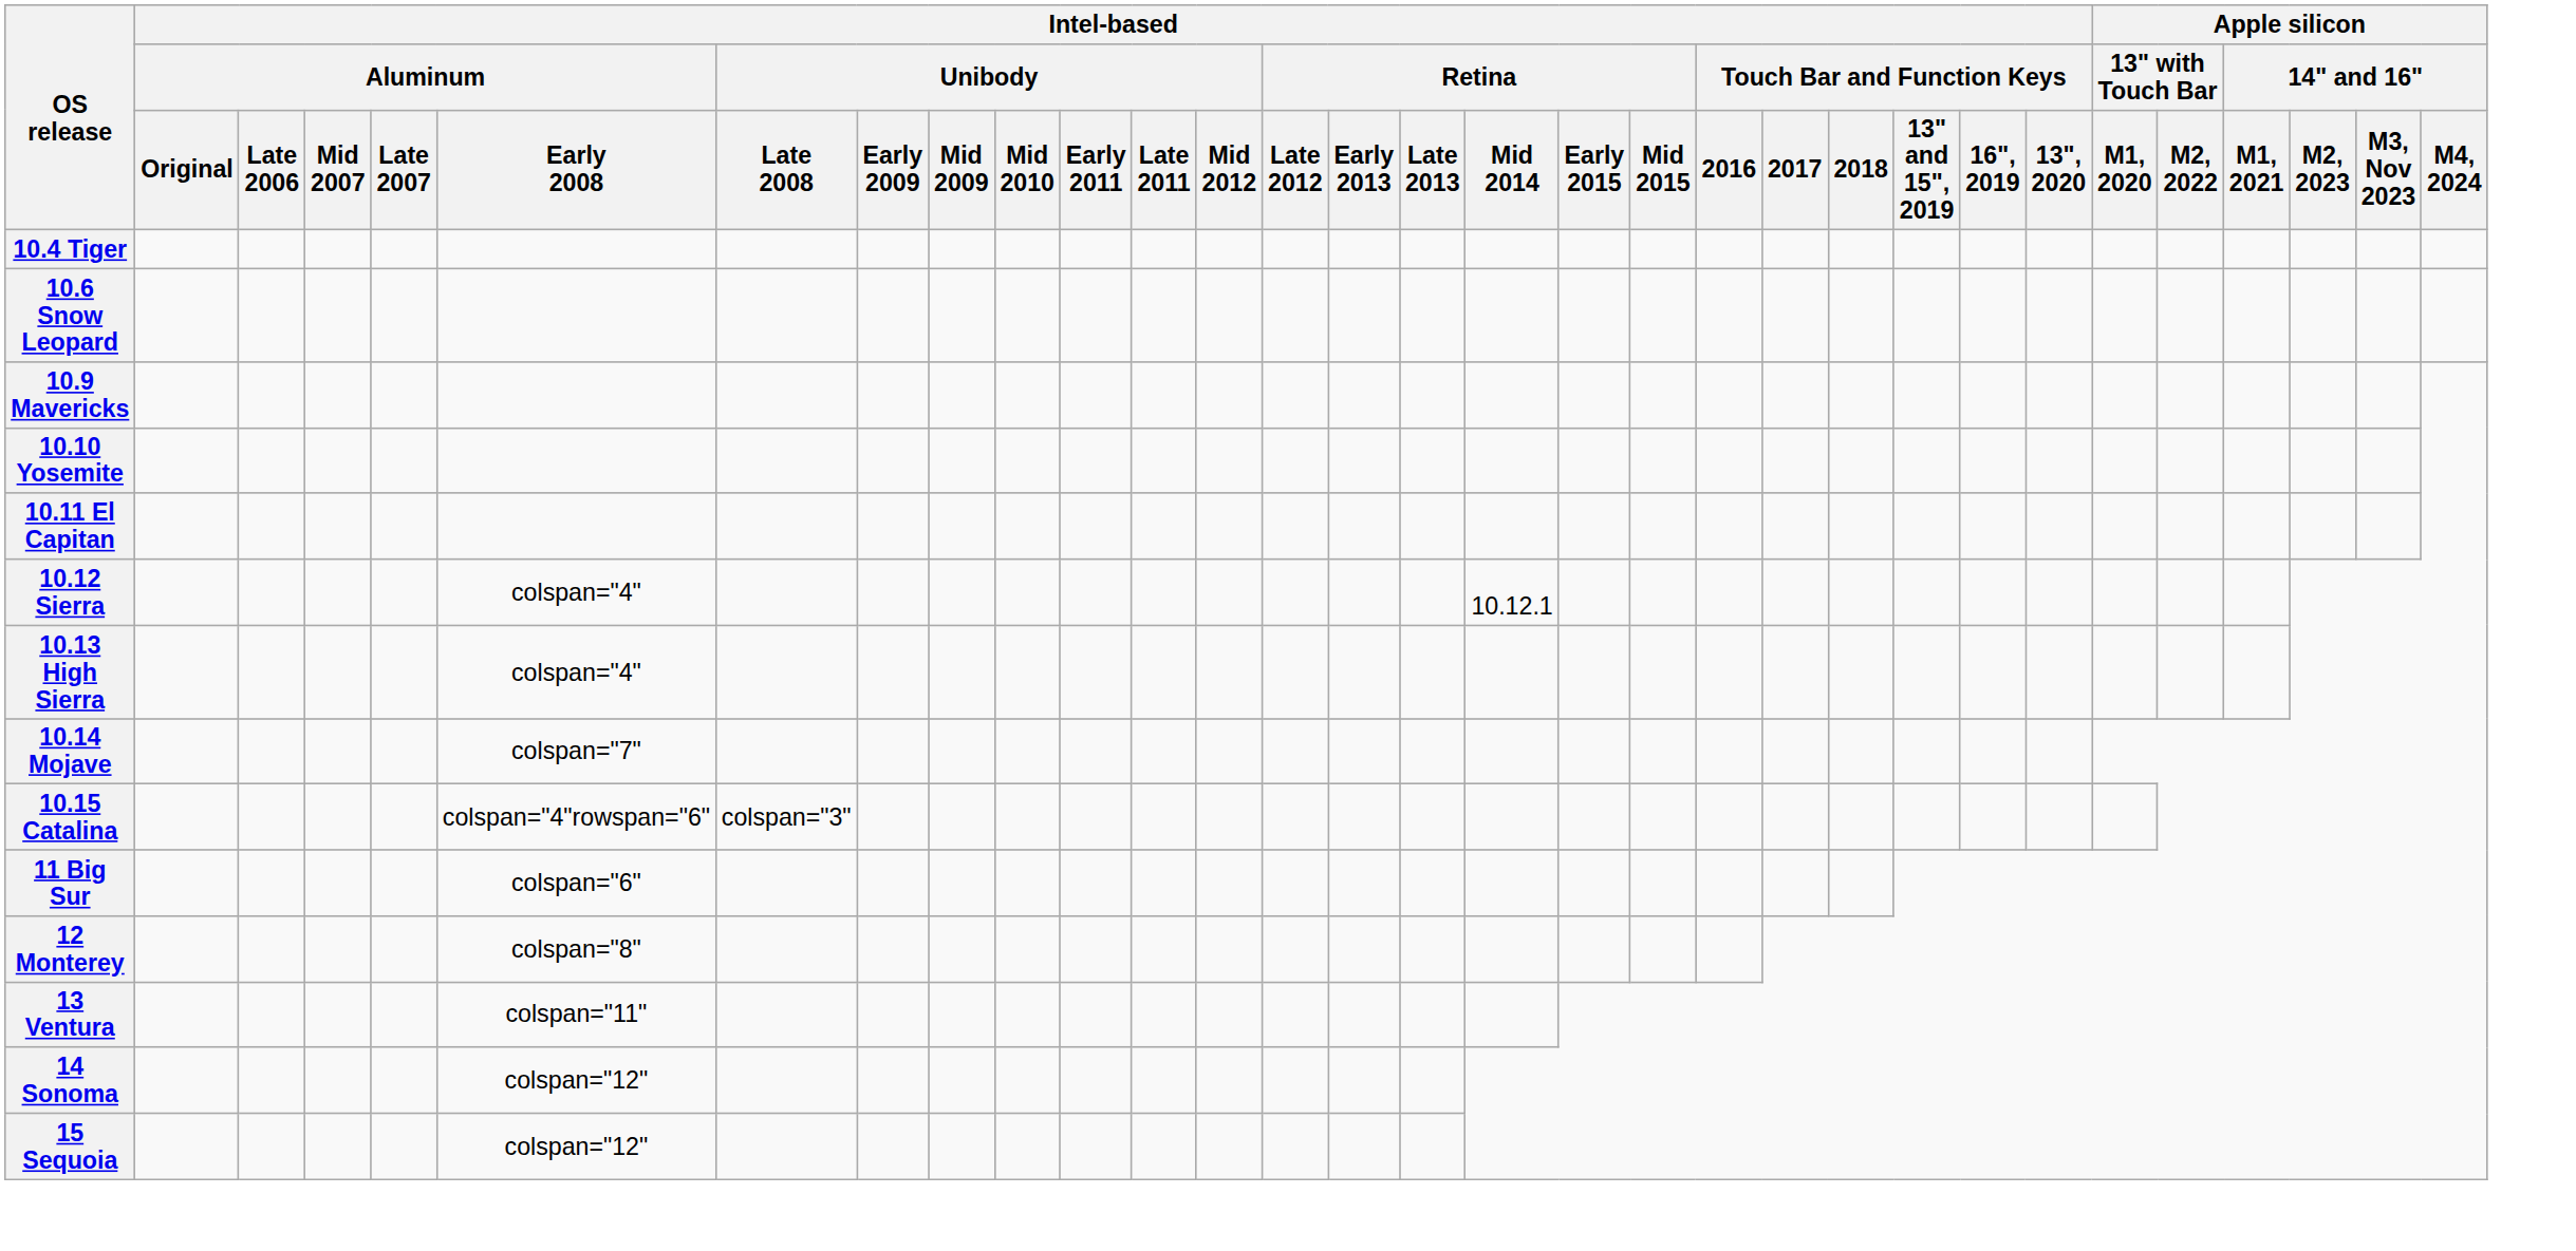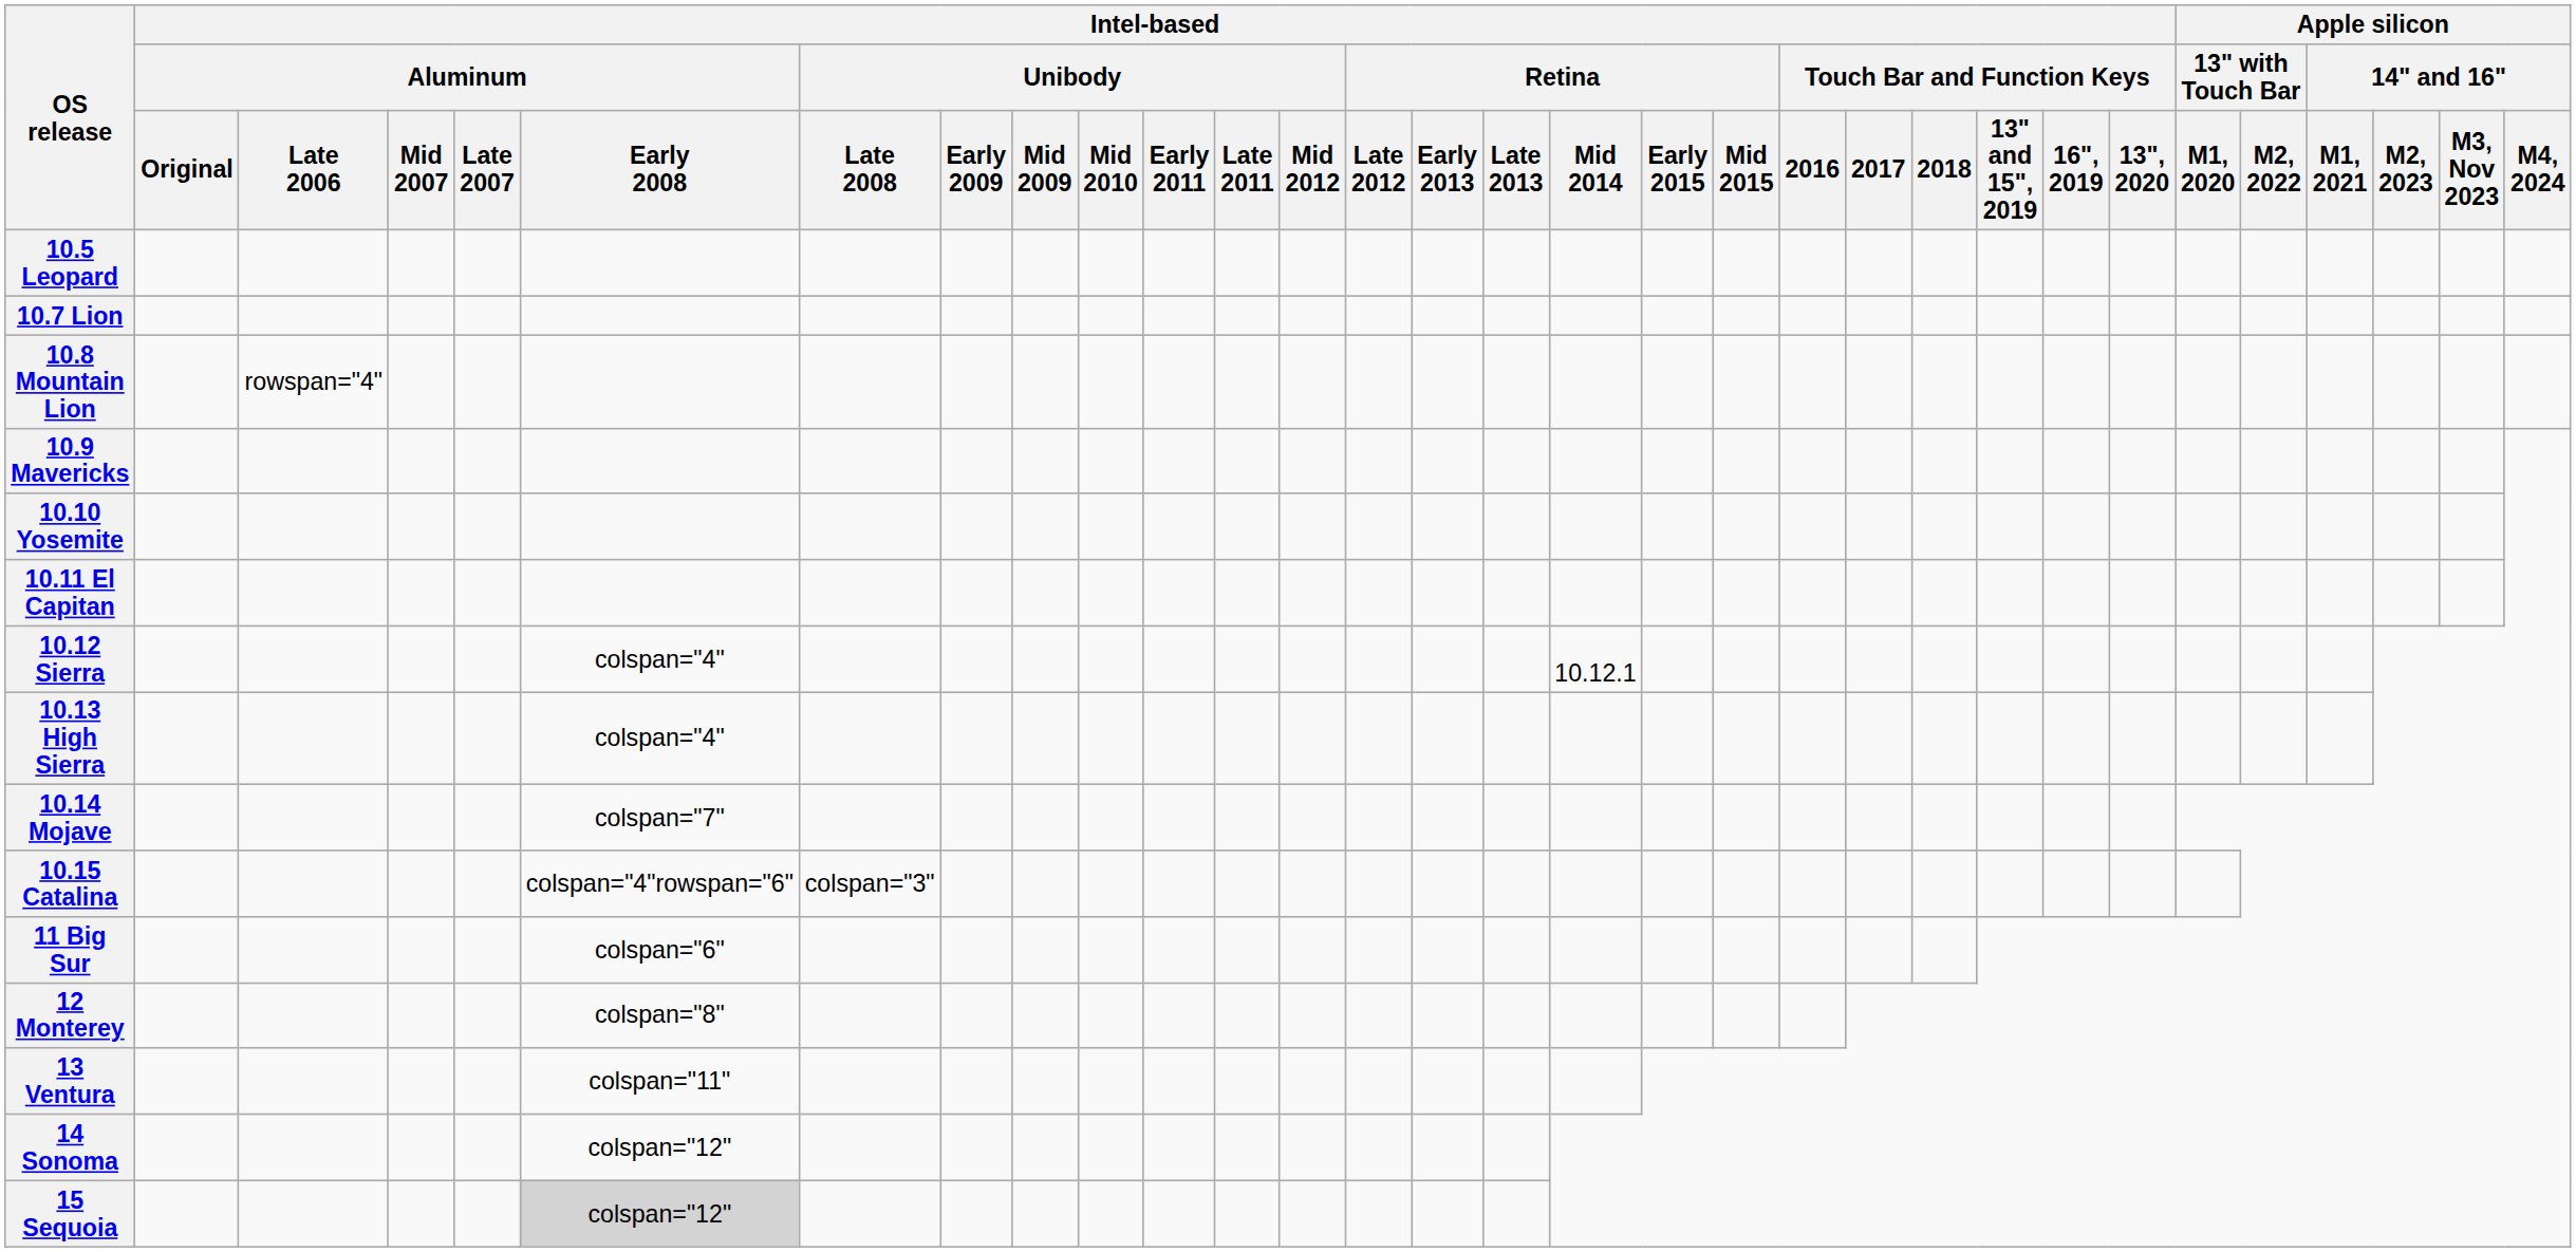 <table class="wikitable" style="font-size:90%; text-align:center">
 <tr>
 <th rowspan="3">OS release</th>
 <th colspan="24">Intel-based</th>
 <th colspan="6">Apple silicon</th>
 </tr>
 <tr>
 <th colspan="5">Aluminum</th>
 <th colspan="7">Unibody</th>
 <th colspan="6">Retina</th>
 <th colspan="6">Touch Bar and Function Keys</th>
 <th colspan="2">13" with<br>Touch Bar</th>
 <th colspan="4">14" and 16"</th>
 </tr>
 <tr>
 <th>Original</th>
 <th>Late<br>2006</th>
 <th>Mid<br>2007</th>
 <th>Late<br>2007</th>
 <th>Early<br>2008</th>
 <th>Late<br> 2008</th>
 <th>Early<br>2009</th>
 <th>Mid<br>2009</th>
 <th>Mid<br>2010</th>
 <th>Early<br>2011</th>
 <th>Late<br>2011</th>
 <th>Mid<br>2012</th>
 <th>Late<br>2012</th>
 <th>Early<br>2013</th>
 <th>Late<br>2013</th>
 <th>Mid<br>2014</th>
 <th>Early<br>2015</th>
 <th>Mid<br>2015</th>
 <th>2016</th>
 <th>2017</th>
 <th>2018</th>
 <th>13" and 15",<br>2019</th>
 <th>16",<br>2019</th>
 <th>13",<br>2020</th>
 <th>M1,<br>2020</th>
 <th>M2,<br>2022</th>
 <th>M1, 2021</th>
 <th>M2, 2023</th>
 <th>M3, Nov<br>2023</th>
 <th>M4, 2024</th>
 </tr>
 <tr>
-<th><a href='#'>10.4 Tiger</a></th>
+<th><a href='#'>10.5 Leopard</a></th>
 <td></td>
 <td></td>
 <td></td>
 <td></td>
 <td></td>
 <td></td>
 <td></td>
 <td></td>
 <td></td>
 <td></td>
 <td></td>
 <td></td>
 <td></td>
 <td></td>
 <td></td>
 <td></td>
 <td></td>
 <td></td>
 <td></td>
 <td></td>
 <td></td>
 <td></td>
 <td></td>
 <td></td>
 <td></td>
 <td></td>
 <td></td>
 <td></td>
 <td></td>
 <td></td>
 </tr>
 <tr>
-<th><a href='#'>10.6 Snow Leopard</a></th>
+<th><a href='#'>10.7 Lion</a></th>
 <td></td>
 <td></td>
+<td></td>
+<td></td>
+<td></td>
+<td></td>
+<td></td>
+<td></td>
+<td></td>
+<td></td>
+<td></td>
+<td></td>
+<td></td>
+<td></td>
+<td></td>
+<td></td>
+<td></td>
+<td></td>
+<td></td>
+<td></td>
+<td></td>
+<td></td>
+<td></td>
+<td></td>
+<td></td>
+<td></td>
+<td></td>
+<td></td>
+<td></td>
+<td></td>
+</tr>
+<tr>
+<th><a href='#'>10.8 Mountain Lion</a></th>
+<td></td>
+<td>rowspan="4"</td>
 <td></td>
 <td></td>
 <td></td>
 <td></td>
 <td></td>
 <td></td>
 <td></td>
 <td></td>
 <td></td>
 <td></td>
 <td></td>
 <td></td>
 <td></td>
 <td></td>
 <td></td>
 <td></td>
 <td></td>
 <td></td>
 <td></td>
 <td></td>
 <td></td>
 <td></td>
 <td></td>
 <td></td>
 <td></td>
 <td></td>
 <td></td>
 <td></td>
 </tr>
 <tr>
 <th><a href='#'>10.9 Mavericks</a></th>
 <td></td>
 <td></td>
 <td></td>
 <td></td>
 <td></td>
 <td></td>
 <td></td>
 <td></td>
 <td></td>
 <td></td>
 <td></td>
 <td></td>
 <td></td>
 <td></td>
 <td></td>
 <td></td>
 <td></td>
 <td></td>
 <td></td>
 <td></td>
 <td></td>
 <td></td>
 <td></td>
 <td></td>
 <td></td>
 <td></td>
 <td></td>
 <td></td>
 <td></td>
 </tr>
 <tr>
 <th><a href='#'>10.10 Yosemite</a></th>
 <td></td>
 <td></td>
 <td></td>
 <td></td>
 <td></td>
 <td></td>
 <td></td>
 <td></td>
 <td></td>
 <td></td>
 <td></td>
 <td></td>
 <td></td>
 <td></td>
 <td></td>
 <td></td>
 <td></td>
 <td></td>
 <td></td>
 <td></td>
 <td></td>
 <td></td>
 <td></td>
 <td></td>
 <td></td>
 <td></td>
 <td></td>
 <td></td>
 <td></td>
 </tr>
 <tr>
 <th><a href='#'>10.11 El Capitan</a></th>
 <td></td>
 <td></td>
 <td></td>
 <td></td>
 <td></td>
 <td></td>
 <td></td>
 <td></td>
 <td></td>
 <td></td>
 <td></td>
 <td></td>
 <td></td>
 <td></td>
 <td></td>
 <td></td>
 <td></td>
 <td></td>
 <td></td>
 <td></td>
 <td></td>
 <td></td>
 <td></td>
 <td></td>
 <td></td>
 <td></td>
 <td></td>
 <td></td>
 <td></td>
 </tr>
 <tr>
 <th><a href='#'>10.12 Sierra</a></th>
 <td></td>
 <td></td>
 <td></td>
 <td></td>
 <td>colspan="4"</td>
 <td></td>
 <td></td>
 <td></td>
 <td></td>
 <td></td>
 <td></td>
 <td></td>
 <td></td>
 <td></td>
 <td></td>
 <td><br>10.12.1</td>
 <td></td>
 <td></td>
 <td></td>
 <td></td>
 <td></td>
 <td></td>
 <td></td>
 <td></td>
 <td></td>
 <td></td>
 <td></td>
 </tr>
 <tr>
 <th><a href='#'>10.13 High Sierra</a></th>
 <td></td>
 <td></td>
 <td></td>
 <td></td>
 <td>colspan="4"</td>
 <td></td>
 <td></td>
 <td></td>
 <td></td>
 <td></td>
 <td></td>
 <td></td>
 <td></td>
 <td></td>
 <td></td>
 <td></td>
 <td></td>
 <td></td>
 <td></td>
 <td></td>
 <td></td>
 <td></td>
 <td></td>
 <td></td>
 <td></td>
 <td></td>
 <td></td>
 </tr>
 <tr>
 <th><a href='#'>10.14 Mojave</a></th>
 <td></td>
 <td></td>
 <td></td>
 <td></td>
 <td>colspan="7"</td>
 <td></td>
 <td></td>
 <td></td>
 <td></td>
 <td></td>
 <td></td>
 <td></td>
 <td></td>
 <td></td>
 <td></td>
 <td></td>
 <td></td>
 <td></td>
 <td></td>
 <td></td>
 <td></td>
 <td></td>
 <td></td>
 <td></td>
 </tr>
 <tr>
 <th><a href='#'>10.15 Catalina</a></th>
 <td></td>
 <td></td>
 <td></td>
 <td></td>
 <td>colspan="4"rowspan="6"</td>
 <td>colspan="3"</td>
 <td></td>
 <td></td>
 <td></td>
 <td></td>
 <td></td>
 <td></td>
 <td></td>
 <td></td>
 <td></td>
 <td></td>
 <td></td>
 <td></td>
 <td></td>
 <td></td>
 <td></td>
 <td></td>
 <td></td>
 <td></td>
 <td></td>
 </tr>
 <tr>
 <th><a href='#'>11 Big Sur</a></th>
 <td></td>
 <td></td>
 <td></td>
 <td></td>
 <td>colspan="6"</td>
 <td></td>
 <td></td>
 <td></td>
 <td></td>
 <td></td>
 <td></td>
 <td></td>
 <td></td>
 <td></td>
 <td></td>
 <td></td>
 <td></td>
 <td></td>
 <td></td>
 <td></td>
 <td></td>
 </tr>
 <tr>
 <th><a href='#'>12 Monterey</a></th>
 <td></td>
 <td></td>
 <td></td>
 <td></td>
 <td>colspan="8" </td>
 <td></td>
 <td></td>
 <td></td>
 <td></td>
 <td></td>
 <td></td>
 <td></td>
 <td></td>
 <td></td>
 <td></td>
 <td></td>
 <td></td>
 <td></td>
 <td></td>
 </tr>
 <tr>
 <th><a href='#'>13 Ventura</a></th>
 <td></td>
 <td></td>
 <td></td>
 <td></td>
 <td>colspan="11"</td>
 <td></td>
 <td></td>
 <td></td>
 <td></td>
 <td></td>
 <td></td>
 <td></td>
 <td></td>
 <td></td>
 <td></td>
 <td></td>
 </tr>
 <tr>
 <th><a href='#'>14 Sonoma</a></th>
 <td></td>
 <td></td>
 <td></td>
 <td></td>
 <td>colspan="12"</td>
 <td></td>
 <td></td>
 <td></td>
 <td></td>
 <td></td>
 <td></td>
 <td></td>
 <td></td>
 <td></td>
 <td></td>
 </tr>
 <tr>
 <th><a href='#'>15 Sequoia</a></th>
 <td></td>
 <td></td>
 <td></td>
 <td></td>
-<td>colspan="12"</td>
+<td style="background: lightgrey;">colspan="12"</td>
 <td></td>
 <td></td>
 <td></td>
 <td></td>
 <td></td>
 <td></td>
 <td></td>
 <td></td>
 <td></td>
 <td></td>
 </tr>
 </table>
